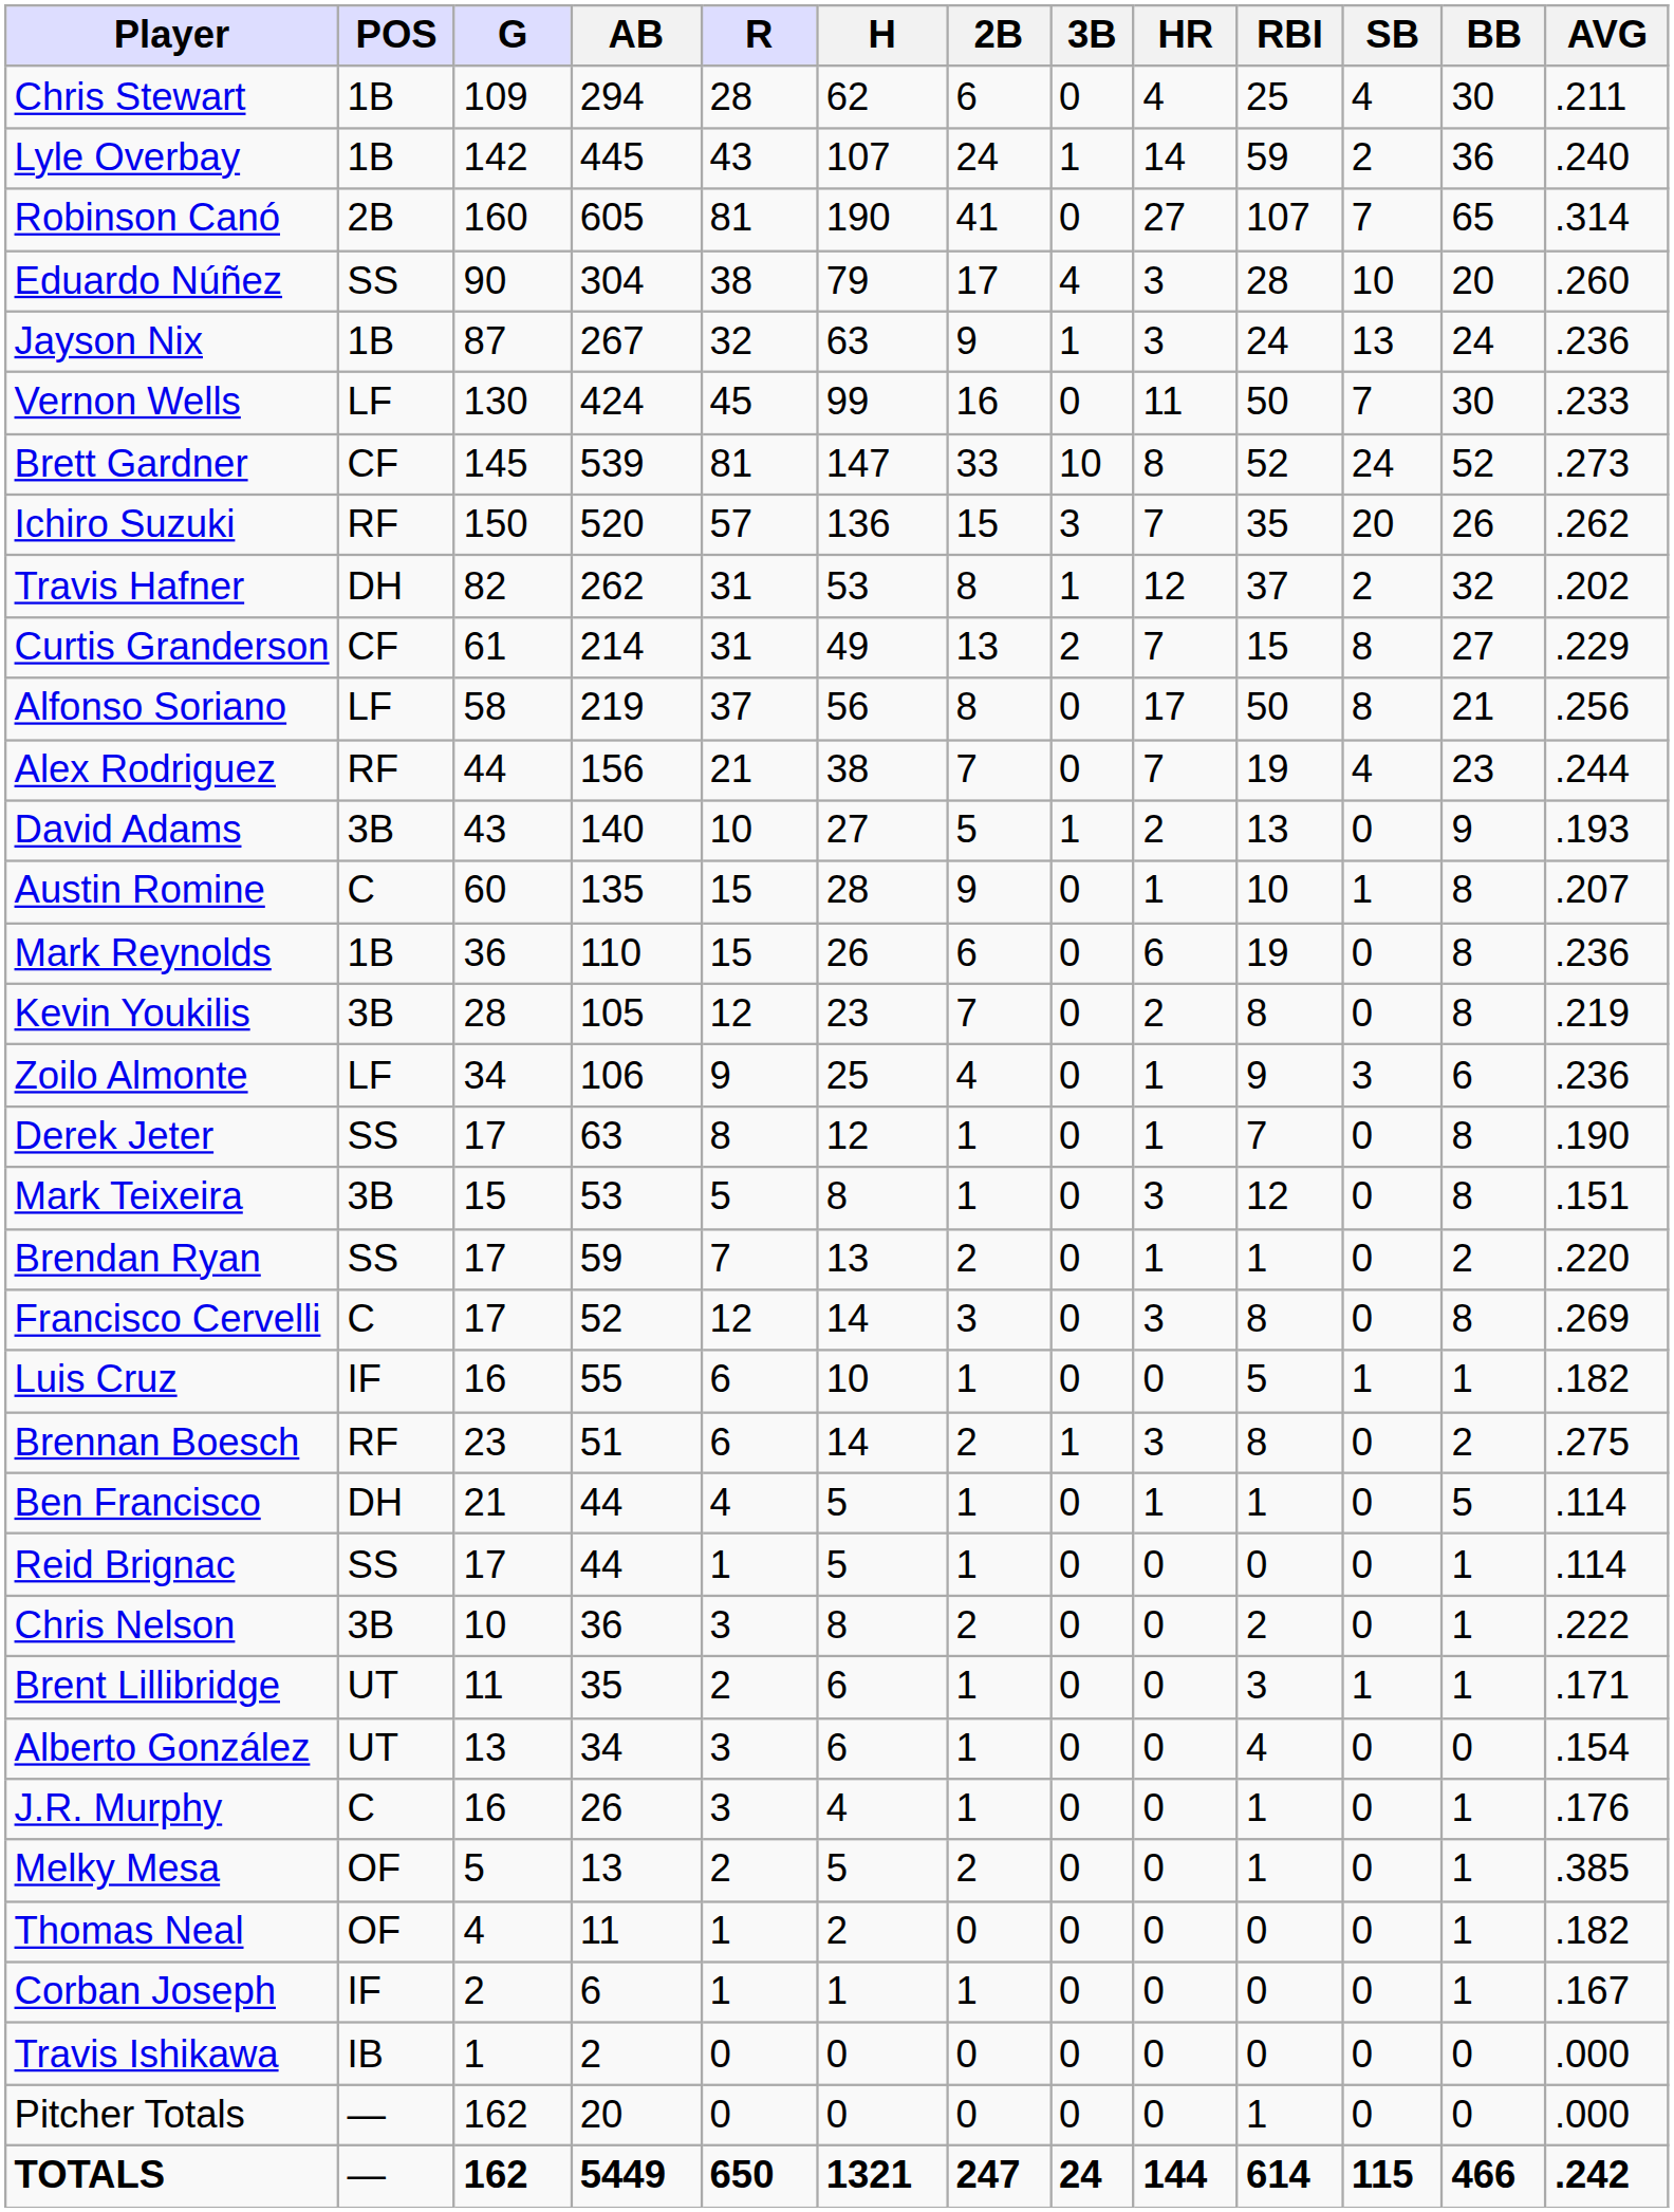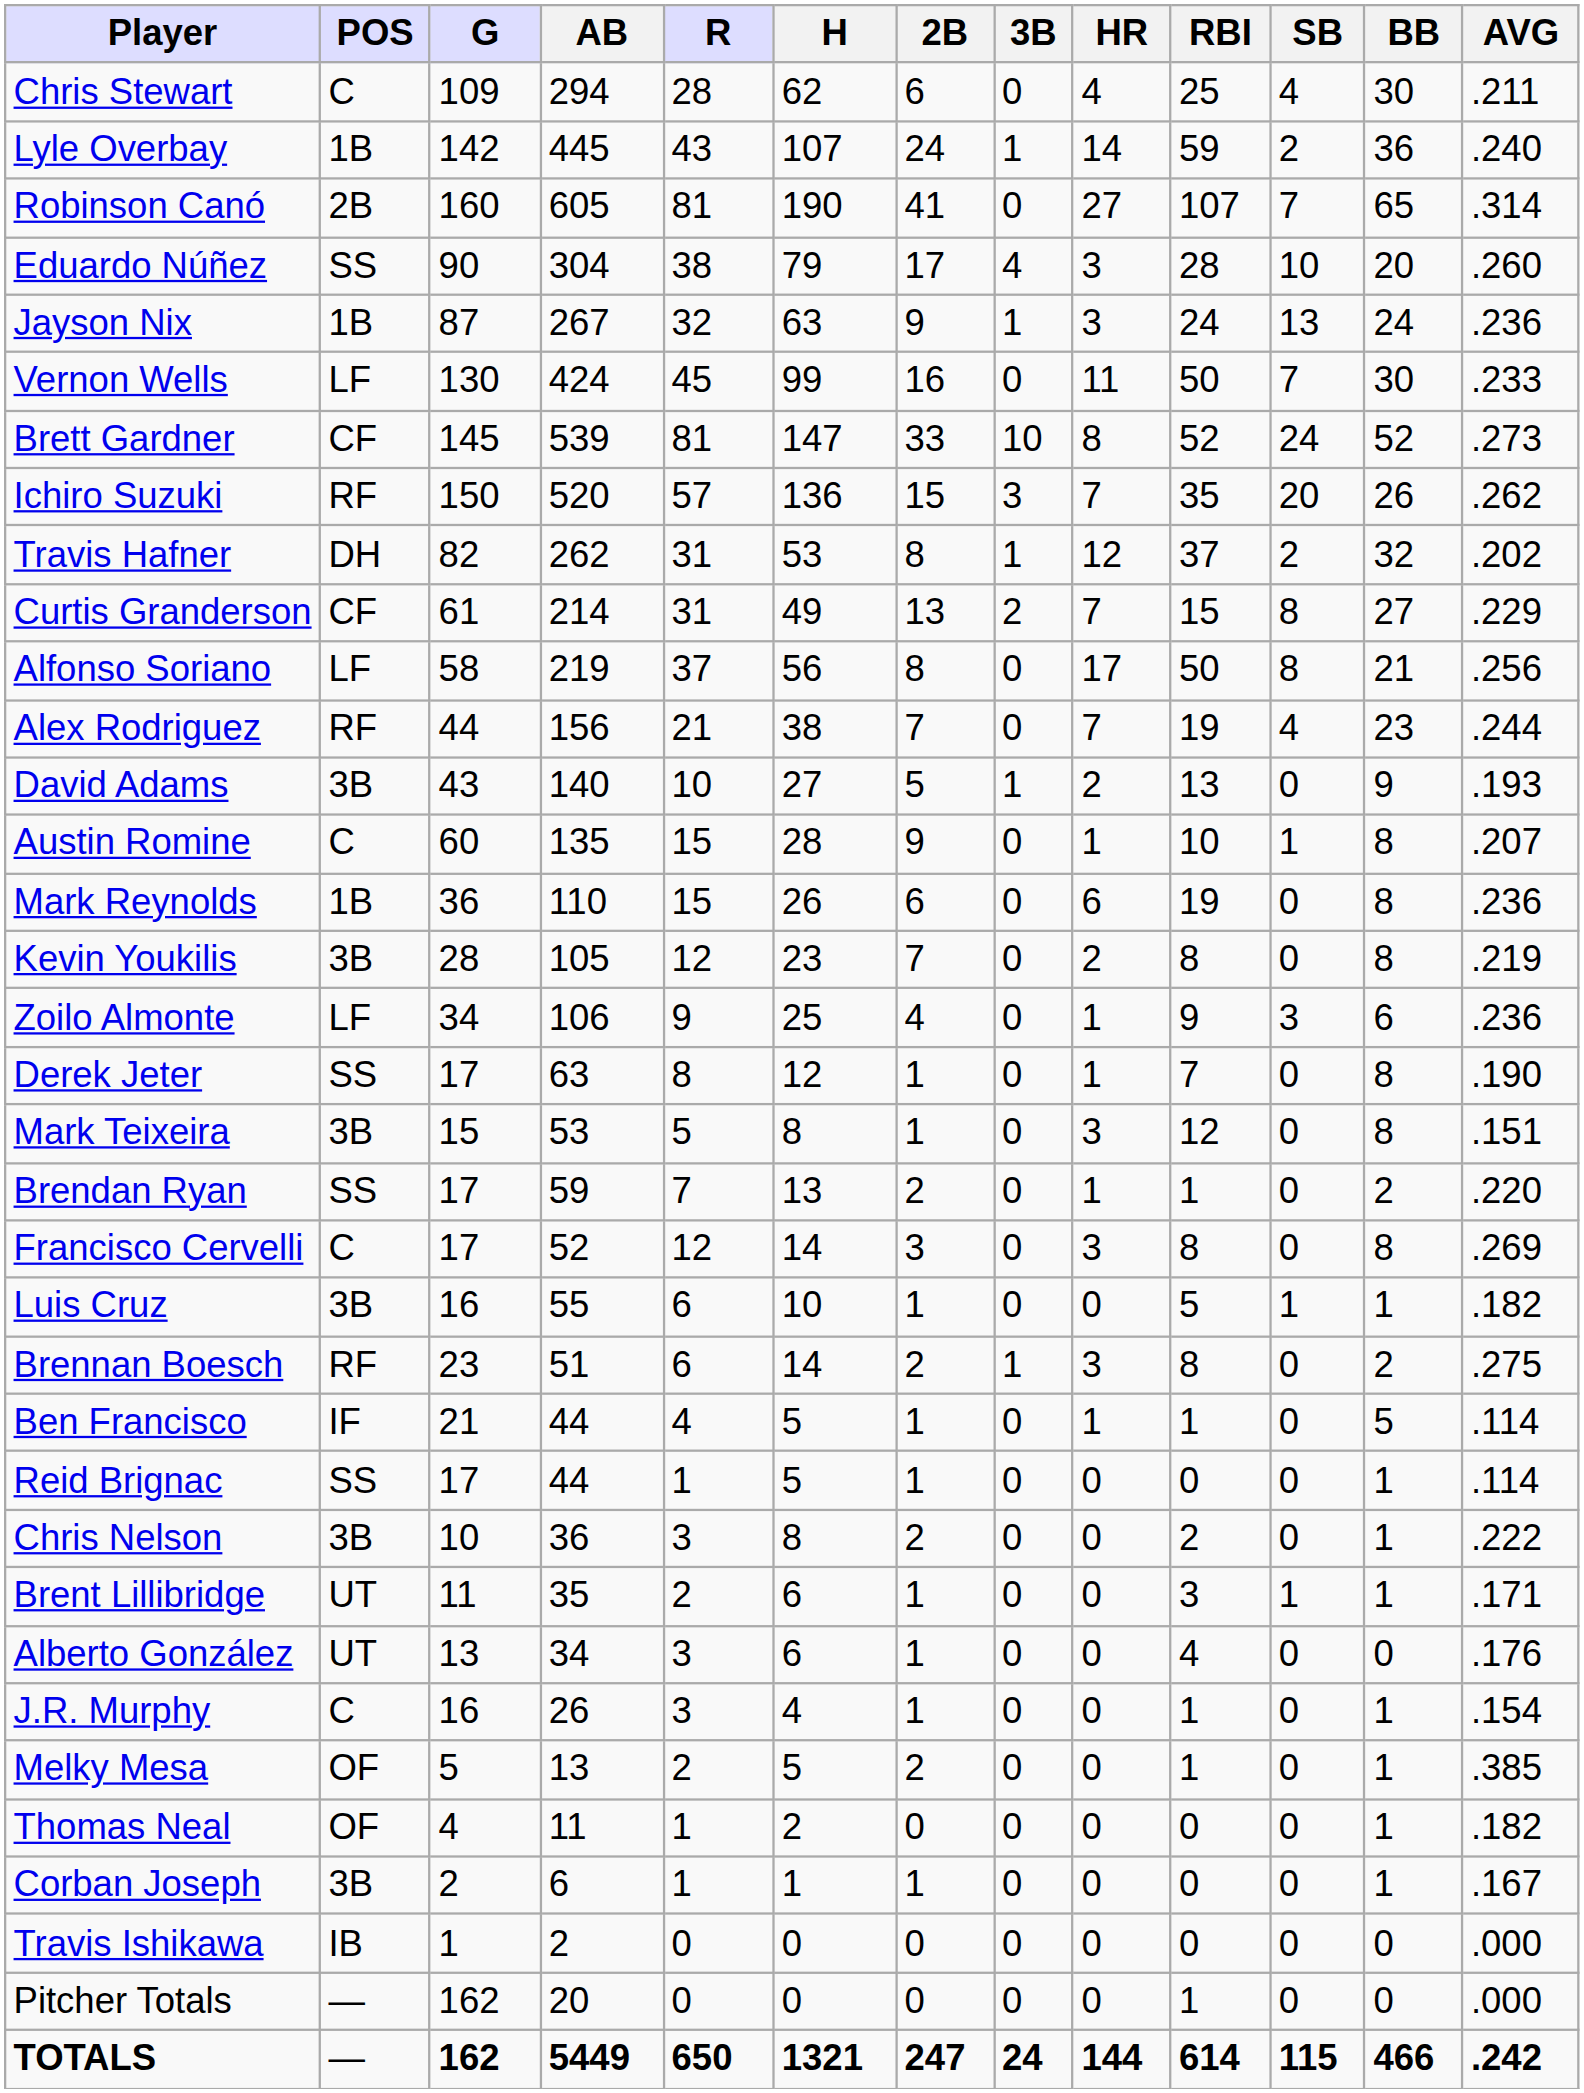 <table class="wikitable sortable">
 <tr>
 <th style="background:#ddf; width:20%"><strong>Player</strong></th>
 <th style="background:#ddf; width:7%"><strong>POS</strong></th>
 <th style="background:#ddf; width:7%"><strong>G</strong></th>
 <th style="background:#ddf: width:7%"><strong>AB</strong></th>
 <th style="background:#ddf; width:7%"><strong>R</strong></th>
 <th style="background:#ddf: width:7%"><strong>H</strong></th>
 <th style="background:#ddf: width:7%"><strong>2B</strong></th>
 <th style="background:#ddf: width:7%"><strong>3B</strong></th>
 <th style="background:#ddf: width:7%"><strong>HR</strong></th>
 <th style="background:#ddf: width:7%"><strong>RBI</strong></th>
 <th style="background:#ddf: width:7%"><strong>SB</strong></th>
 <th style="background:#ddf: width:7%"><strong>BB</strong></th>
 <th style="background:#ddf: width:7%"><strong>AVG</strong></th>
 </tr>
 <tr>
 <td><a href='#'>Chris Stewart</a></td>
-<td>1B</td>
+<td>C</td>
 <td>109</td>
 <td>294</td>
 <td>28</td>
 <td>62</td>
 <td>6</td>
 <td>0</td>
 <td>4</td>
 <td>25</td>
 <td>4</td>
 <td>30</td>
 <td>.211</td>
 </tr>
 <tr>
 <td><a href='#'>Lyle Overbay</a></td>
 <td>1B</td>
 <td>142</td>
 <td>445</td>
 <td>43</td>
 <td>107</td>
 <td>24</td>
 <td>1</td>
 <td>14</td>
 <td>59</td>
 <td>2</td>
 <td>36</td>
 <td>.240</td>
 </tr>
 <tr>
 <td><a href='#'>Robinson Canó</a></td>
 <td>2B</td>
 <td>160</td>
 <td>605</td>
 <td>81</td>
 <td>190</td>
 <td>41</td>
 <td>0</td>
 <td>27</td>
 <td>107</td>
 <td>7</td>
 <td>65</td>
 <td>.314</td>
 </tr>
 <tr>
 <td><a href='#'>Eduardo Núñez</a></td>
 <td>SS</td>
 <td>90</td>
 <td>304</td>
 <td>38</td>
 <td>79</td>
 <td>17</td>
 <td>4</td>
 <td>3</td>
 <td>28</td>
 <td>10</td>
 <td>20</td>
 <td>.260</td>
 </tr>
 <tr>
 <td><a href='#'>Jayson Nix</a></td>
 <td>1B</td>
 <td>87</td>
 <td>267</td>
 <td>32</td>
 <td>63</td>
 <td>9</td>
 <td>1</td>
 <td>3</td>
 <td>24</td>
 <td>13</td>
 <td>24</td>
 <td>.236</td>
 </tr>
 <tr>
 <td><a href='#'>Vernon Wells</a></td>
 <td>LF</td>
 <td>130</td>
 <td>424</td>
 <td>45</td>
 <td>99</td>
 <td>16</td>
 <td>0</td>
 <td>11</td>
 <td>50</td>
 <td>7</td>
 <td>30</td>
 <td>.233</td>
 </tr>
 <tr>
 <td><a href='#'>Brett Gardner</a></td>
 <td>CF</td>
 <td>145</td>
 <td>539</td>
 <td>81</td>
 <td>147</td>
 <td>33</td>
 <td>10</td>
 <td>8</td>
 <td>52</td>
 <td>24</td>
 <td>52</td>
 <td>.273</td>
 </tr>
 <tr>
 <td><a href='#'>Ichiro Suzuki</a></td>
 <td>RF</td>
 <td>150</td>
 <td>520</td>
 <td>57</td>
 <td>136</td>
 <td>15</td>
 <td>3</td>
 <td>7</td>
 <td>35</td>
 <td>20</td>
 <td>26</td>
 <td>.262</td>
 </tr>
 <tr>
 <td><a href='#'>Travis Hafner</a></td>
 <td>DH</td>
 <td>82</td>
 <td>262</td>
 <td>31</td>
 <td>53</td>
 <td>8</td>
 <td>1</td>
 <td>12</td>
 <td>37</td>
 <td>2</td>
 <td>32</td>
 <td>.202</td>
 </tr>
 <tr>
 <td><a href='#'>Curtis Granderson</a></td>
 <td>CF</td>
 <td>61</td>
 <td>214</td>
 <td>31</td>
 <td>49</td>
 <td>13</td>
 <td>2</td>
 <td>7</td>
 <td>15</td>
 <td>8</td>
 <td>27</td>
 <td>.229</td>
 </tr>
 <tr>
 <td><a href='#'>Alfonso Soriano</a></td>
 <td>LF</td>
 <td>58</td>
 <td>219</td>
 <td>37</td>
 <td>56</td>
 <td>8</td>
 <td>0</td>
 <td>17</td>
 <td>50</td>
 <td>8</td>
 <td>21</td>
 <td>.256</td>
 </tr>
 <tr>
 <td><a href='#'>Alex Rodriguez</a></td>
 <td>RF</td>
 <td>44</td>
 <td>156</td>
 <td>21</td>
 <td>38</td>
 <td>7</td>
 <td>0</td>
 <td>7</td>
 <td>19</td>
 <td>4</td>
 <td>23</td>
 <td>.244</td>
 </tr>
 <tr>
 <td><a href='#'>David Adams</a></td>
 <td>3B</td>
 <td>43</td>
 <td>140</td>
 <td>10</td>
 <td>27</td>
 <td>5</td>
 <td>1</td>
 <td>2</td>
 <td>13</td>
 <td>0</td>
 <td>9</td>
 <td>.193</td>
 </tr>
 <tr>
 <td><a href='#'>Austin Romine</a></td>
 <td>C</td>
 <td>60</td>
 <td>135</td>
 <td>15</td>
 <td>28</td>
 <td>9</td>
 <td>0</td>
 <td>1</td>
 <td>10</td>
 <td>1</td>
 <td>8</td>
 <td>.207</td>
 </tr>
 <tr>
 <td><a href='#'>Mark Reynolds</a></td>
 <td>1B</td>
 <td>36</td>
 <td>110</td>
 <td>15</td>
 <td>26</td>
 <td>6</td>
 <td>0</td>
 <td>6</td>
 <td>19</td>
 <td>0</td>
 <td>8</td>
 <td>.236</td>
 </tr>
 <tr>
 <td><a href='#'>Kevin Youkilis</a></td>
 <td>3B</td>
 <td>28</td>
 <td>105</td>
 <td>12</td>
 <td>23</td>
 <td>7</td>
 <td>0</td>
 <td>2</td>
 <td>8</td>
 <td>0</td>
 <td>8</td>
 <td>.219</td>
 </tr>
 <tr>
 <td><a href='#'>Zoilo Almonte</a></td>
 <td>LF</td>
 <td>34</td>
 <td>106</td>
 <td>9</td>
 <td>25</td>
 <td>4</td>
 <td>0</td>
 <td>1</td>
 <td>9</td>
 <td>3</td>
 <td>6</td>
 <td>.236</td>
 </tr>
 <tr>
 <td><a href='#'>Derek Jeter</a></td>
 <td>SS</td>
 <td>17</td>
 <td>63</td>
 <td>8</td>
 <td>12</td>
 <td>1</td>
 <td>0</td>
 <td>1</td>
 <td>7</td>
 <td>0</td>
 <td>8</td>
 <td>.190</td>
 </tr>
 <tr>
 <td><a href='#'>Mark Teixeira</a></td>
 <td>3B</td>
 <td>15</td>
 <td>53</td>
 <td>5</td>
 <td>8</td>
 <td>1</td>
 <td>0</td>
 <td>3</td>
 <td>12</td>
 <td>0</td>
 <td>8</td>
 <td>.151</td>
 </tr>
 <tr>
 <td><a href='#'>Brendan Ryan</a></td>
 <td>SS</td>
 <td>17</td>
 <td>59</td>
 <td>7</td>
 <td>13</td>
 <td>2</td>
 <td>0</td>
 <td>1</td>
 <td>1</td>
 <td>0</td>
 <td>2</td>
 <td>.220</td>
 </tr>
 <tr>
 <td><a href='#'>Francisco Cervelli</a></td>
 <td>C</td>
 <td>17</td>
 <td>52</td>
 <td>12</td>
 <td>14</td>
 <td>3</td>
 <td>0</td>
 <td>3</td>
 <td>8</td>
 <td>0</td>
 <td>8</td>
 <td>.269</td>
 </tr>
 <tr>
 <td><a href='#'>Luis Cruz</a></td>
-<td>IF</td>
+<td>3B</td>
 <td>16</td>
 <td>55</td>
 <td>6</td>
 <td>10</td>
 <td>1</td>
 <td>0</td>
 <td>0</td>
 <td>5</td>
 <td>1</td>
 <td>1</td>
 <td>.182</td>
 </tr>
 <tr>
 <td><a href='#'>Brennan Boesch</a></td>
 <td>RF</td>
 <td>23</td>
 <td>51</td>
 <td>6</td>
 <td>14</td>
 <td>2</td>
 <td>1</td>
 <td>3</td>
 <td>8</td>
 <td>0</td>
 <td>2</td>
 <td>.275</td>
 </tr>
 <tr>
 <td><a href='#'>Ben Francisco</a></td>
-<td>DH</td>
+<td>IF</td>
 <td>21</td>
 <td>44</td>
 <td>4</td>
 <td>5</td>
 <td>1</td>
 <td>0</td>
 <td>1</td>
 <td>1</td>
 <td>0</td>
 <td>5</td>
 <td>.114</td>
 </tr>
 <tr>
 <td><a href='#'>Reid Brignac</a></td>
 <td>SS</td>
 <td>17</td>
 <td>44</td>
 <td>1</td>
 <td>5</td>
 <td>1</td>
 <td>0</td>
 <td>0</td>
 <td>0</td>
 <td>0</td>
 <td>1</td>
 <td>.114</td>
 </tr>
 <tr>
 <td><a href='#'>Chris Nelson</a></td>
 <td>3B</td>
 <td>10</td>
 <td>36</td>
 <td>3</td>
 <td>8</td>
 <td>2</td>
 <td>0</td>
 <td>0</td>
 <td>2</td>
 <td>0</td>
 <td>1</td>
 <td>.222</td>
 </tr>
 <tr>
 <td><a href='#'>Brent Lillibridge</a></td>
 <td>UT</td>
 <td>11</td>
 <td>35</td>
 <td>2</td>
 <td>6</td>
 <td>1</td>
 <td>0</td>
 <td>0</td>
 <td>3</td>
 <td>1</td>
 <td>1</td>
 <td>.171</td>
 </tr>
 <tr>
 <td><a href='#'>Alberto González</a></td>
 <td>UT</td>
 <td>13</td>
 <td>34</td>
 <td>3</td>
 <td>6</td>
 <td>1</td>
 <td>0</td>
 <td>0</td>
 <td>4</td>
 <td>0</td>
 <td>0</td>
-<td>.154</td>
+<td>.176</td>
 </tr>
 <tr>
 <td><a href='#'>J.R. Murphy</a></td>
 <td>C</td>
 <td>16</td>
 <td>26</td>
 <td>3</td>
 <td>4</td>
 <td>1</td>
 <td>0</td>
 <td>0</td>
 <td>1</td>
 <td>0</td>
 <td>1</td>
-<td>.176</td>
+<td>.154</td>
 </tr>
 <tr>
 <td><a href='#'>Melky Mesa</a></td>
 <td>OF</td>
 <td>5</td>
 <td>13</td>
 <td>2</td>
 <td>5</td>
 <td>2</td>
 <td>0</td>
 <td>0</td>
 <td>1</td>
 <td>0</td>
 <td>1</td>
 <td>.385</td>
 </tr>
 <tr>
 <td><a href='#'>Thomas Neal</a></td>
 <td>OF</td>
 <td>4</td>
 <td>11</td>
 <td>1</td>
 <td>2</td>
 <td>0</td>
 <td>0</td>
 <td>0</td>
 <td>0</td>
 <td>0</td>
 <td>1</td>
 <td>.182</td>
 </tr>
 <tr>
 <td><a href='#'>Corban Joseph</a></td>
-<td>IF</td>
+<td>3B</td>
 <td>2</td>
 <td>6</td>
 <td>1</td>
 <td>1</td>
 <td>1</td>
 <td>0</td>
 <td>0</td>
 <td>0</td>
 <td>0</td>
 <td>1</td>
 <td>.167</td>
 </tr>
 <tr>
 <td><a href='#'>Travis Ishikawa</a></td>
 <td>IB</td>
 <td>1</td>
 <td>2</td>
 <td>0</td>
 <td>0</td>
 <td>0</td>
 <td>0</td>
 <td>0</td>
 <td>0</td>
 <td>0</td>
 <td>0</td>
 <td>.000</td>
 </tr>
 <tr>
 <td>Pitcher Totals</td>
 <td>—</td>
 <td>162</td>
 <td>20</td>
 <td>0</td>
 <td>0</td>
 <td>0</td>
 <td>0</td>
 <td>0</td>
 <td>1</td>
 <td>0</td>
 <td>0</td>
 <td>.000</td>
 </tr>
 <tr>
 <td><strong>TOTALS</strong></td>
 <td>—</td>
 <td><strong>162</strong></td>
 <td><strong>5449</strong></td>
 <td><strong>650</strong></td>
 <td><strong>1321</strong></td>
 <td><strong>247</strong></td>
 <td><strong>24</strong></td>
 <td><strong>144</strong></td>
 <td><strong>614</strong></td>
 <td><strong>115</strong></td>
 <td><strong>466</strong></td>
 <td><strong>.242</strong></td>
 </tr>
 </table>
